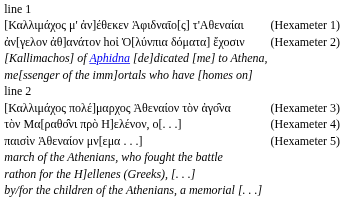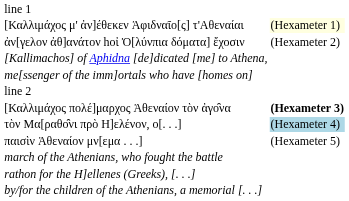 <table>
 <tr>
 <td>line 1</td>
 </tr>
 <tr>
 <td>[Καλλιμάχος μ' ἀν]έθεκεν Ἀφιδναῖο[ς] τ'Αθεναίαι</td>
-<td>(Hexameter 1)</td>
+<td style="background: lightyellow;">(Hexameter 1)</td>
 </tr>
 <tr>
 <td>ἀν[γελον ἀθ]ανάτον hοἰ Ὀ[λύνπια δόματα] ἔχοσιν</td>
 <td>(Hexameter 2)</td>
 </tr>
 <tr>
 <td><em>[Kallimachos] of <a href='#'>Aphidna</a> [de]dicated [me] to Athena,</em></td>
 </tr>
 <tr>
 <td><em>me[ssenger of the imm]ortals who have [homes on] <a href='#'></a></em></td>
 </tr>
 <tr>
 <td>line 2</td>
 </tr>
 <tr>
 <td>[Καλλιμάχος πολέ]μαρχος Ἀθεναίον τὸν ἀγο̑να</td>
-<td>(Hexameter 3)</td>
+<td><strong>(Hexameter 3)</strong></td>
 </tr>
 <tr>
 <td>τὸν Μα[ραθο̑νι πρὸ H]ελένον, ο[. . .]</td>
-<td>(Hexameter 4)</td>
+<td style="background: lightblue;">(Hexameter 4)</td>
 </tr>
 <tr>
 <td>παισὶν Ἀθεναίον μν[εμα . . .]</td>
 <td>(Hexameter 5)</td>
 </tr>
 <tr>
 <td><em>march of the Athenians, who fought the battle</em></td>
 </tr>
 <tr>
 <td><em>rathon for the H]ellenes (Greeks), [. . .]</em></td>
 </tr>
 <tr>
 <td><em>by/for the children of the Athenians, a memorial  [. . .]</em></td>
 </tr>
 </table>
